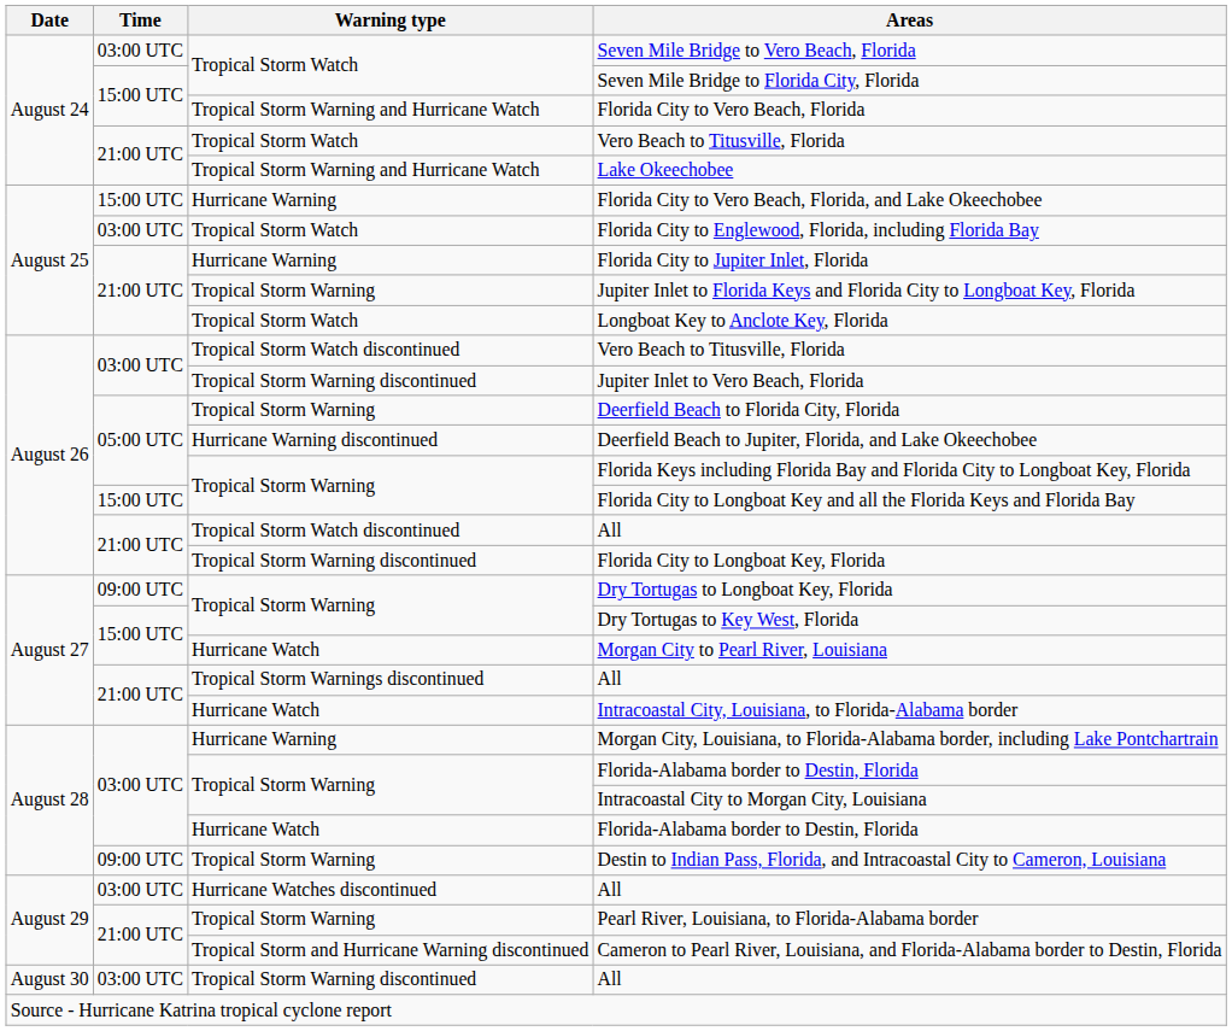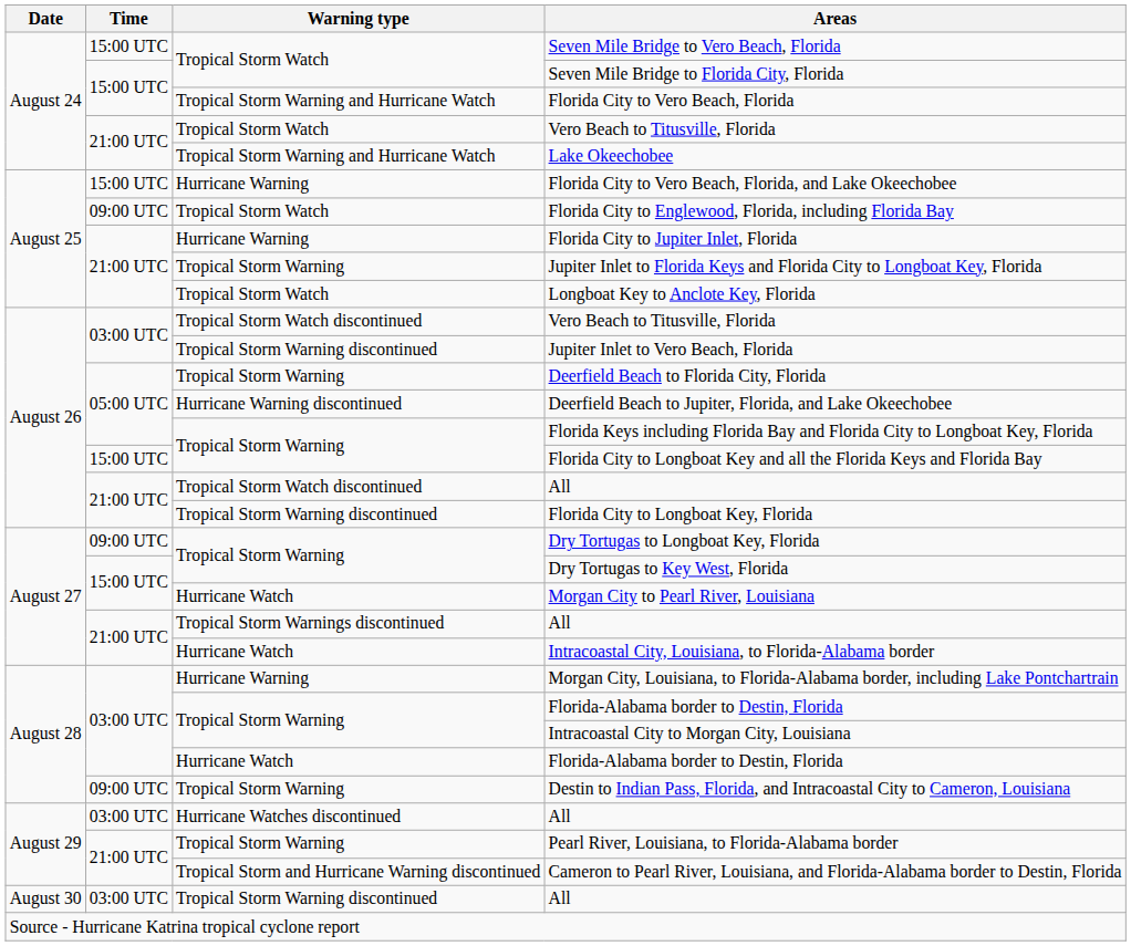 <table class="wikitable collapsible" style="margin: 1em auto 1em auto;">
 <tr>
 <th scope="col">Date</th>
 <th scope="col">Time</th>
 <th scope="col">Warning type</th>
 <th scope="col" style="text-align:center;">Areas</th>
 </tr>
 <tr>
 <td rowspan=5>August 24</td>
-<td>03:00 UTC</td>
+<td>15:00 UTC</td>
 <td rowspan="2" style="background-color:#">Tropical Storm Watch</td>
 <td><a href='#'>Seven Mile Bridge</a> to <a href='#'>Vero Beach</a>, <a href='#'>Florida</a></td>
 </tr>
 <tr>
 <td rowspan=2>15:00 UTC</td>
 <td>Seven Mile Bridge to <a href='#'>Florida City</a>, Florida</td>
 </tr>
 <tr>
 <td style="background-color:#">Tropical Storm Warning and Hurricane Watch</td>
 <td>Florida City to Vero Beach, Florida</td>
 </tr>
 <tr>
 <td rowspan=2>21:00 UTC</td>
 <td style="background-color:#">Tropical Storm Watch</td>
 <td>Vero Beach to <a href='#'>Titusville</a>, Florida</td>
 </tr>
 <tr>
 <td style="background-color:#">Tropical Storm Warning and Hurricane Watch</td>
 <td><a href='#'>Lake Okeechobee</a></td>
 </tr>
 <tr>
 <td rowspan=5>August 25</td>
 <td>15:00 UTC</td>
 <td style="background-color:#">Hurricane Warning</td>
 <td>Florida City to Vero Beach, Florida, and Lake Okeechobee</td>
 </tr>
 <tr>
-<td>03:00 UTC</td>
+<td>09:00 UTC</td>
 <td style="background-color:#">Tropical Storm Watch</td>
 <td>Florida City to <a href='#'>Englewood</a>, Florida, including <a href='#'>Florida Bay</a></td>
 </tr>
 <tr>
 <td rowspan=3>21:00 UTC</td>
 <td style="background-color:#">Hurricane Warning</td>
 <td>Florida City to <a href='#'>Jupiter Inlet</a>, Florida</td>
 </tr>
 <tr>
 <td style="background-color:#">Tropical Storm Warning</td>
 <td>Jupiter Inlet to <a href='#'>Florida Keys</a> and Florida City to <a href='#'>Longboat Key</a>, Florida</td>
 </tr>
 <tr>
 <td style="background-color:#">Tropical Storm Watch</td>
 <td>Longboat Key to <a href='#'>Anclote Key</a>, Florida</td>
 </tr>
 <tr>
 <td rowspan=8>August 26</td>
 <td rowspan=2>03:00 UTC</td>
 <td style="background-color:#">Tropical Storm Watch discontinued</td>
 <td>Vero Beach to Titusville, Florida</td>
 </tr>
 <tr>
 <td style="background-color:#">Tropical Storm Warning discontinued</td>
 <td>Jupiter Inlet to Vero Beach, Florida</td>
 </tr>
 <tr>
 <td rowspan=3>05:00 UTC</td>
 <td style="background-color:#">Tropical Storm Warning</td>
 <td><a href='#'>Deerfield Beach</a> to Florida City, Florida</td>
 </tr>
 <tr>
 <td style="background-color:#">Hurricane Warning discontinued</td>
 <td>Deerfield Beach to Jupiter, Florida, and Lake Okeechobee</td>
 </tr>
 <tr>
 <td rowspan="2" style="background-color:#">Tropical Storm Warning</td>
 <td>Florida Keys including Florida Bay and Florida City to Longboat Key, Florida</td>
 </tr>
 <tr>
 <td>15:00 UTC</td>
 <td>Florida City to Longboat Key and all the Florida Keys and Florida Bay</td>
 </tr>
 <tr>
 <td rowspan=2>21:00 UTC</td>
 <td style="background-color:#">Tropical Storm Watch discontinued</td>
 <td>All</td>
 </tr>
 <tr>
 <td style="background-color:#">Tropical Storm Warning discontinued</td>
 <td>Florida City to Longboat Key, Florida</td>
 </tr>
 <tr>
 <td rowspan=5>August 27</td>
 <td>09:00 UTC</td>
 <td rowspan="2" style="background-color:#">Tropical Storm Warning</td>
 <td><a href='#'>Dry Tortugas</a> to Longboat Key, Florida</td>
 </tr>
 <tr>
 <td rowspan=2>15:00 UTC</td>
 <td>Dry Tortugas to <a href='#'>Key West</a>, Florida</td>
 </tr>
 <tr>
 <td style="background-color:#">Hurricane Watch</td>
 <td><a href='#'>Morgan City</a> to <a href='#'>Pearl River</a>, <a href='#'>Louisiana</a></td>
 </tr>
 <tr>
 <td rowspan=2>21:00 UTC</td>
 <td style="background-color:#">Tropical Storm Warnings discontinued</td>
 <td>All</td>
 </tr>
 <tr>
 <td style="background-color:#">Hurricane Watch</td>
 <td><a href='#'>Intracoastal City, Louisiana</a>, to Florida-<a href='#'>Alabama</a> border</td>
 </tr>
 <tr>
 <td rowspan=5>August 28</td>
 <td rowspan=4>03:00 UTC</td>
 <td style="background-color:#">Hurricane Warning</td>
 <td>Morgan City, Louisiana, to Florida-Alabama border, including <a href='#'>Lake Pontchartrain</a></td>
 </tr>
 <tr>
 <td rowspan="2" style="background-color:#">Tropical Storm Warning</td>
 <td>Florida-Alabama border to <a href='#'>Destin, Florida</a></td>
 </tr>
 <tr>
 <td>Intracoastal City to Morgan City, Louisiana</td>
 </tr>
 <tr>
 <td style="background-color:#">Hurricane Watch</td>
 <td>Florida-Alabama border to Destin, Florida</td>
 </tr>
 <tr>
 <td>09:00 UTC</td>
 <td style="background-color:#">Tropical Storm Warning</td>
 <td>Destin to <a href='#'>Indian Pass, Florida</a>, and Intracoastal City to <a href='#'>Cameron, Louisiana</a></td>
 </tr>
 <tr>
 <td rowspan=3>August 29</td>
 <td>03:00 UTC</td>
 <td style="background-color:#">Hurricane Watches discontinued</td>
 <td>All</td>
 </tr>
 <tr>
 <td rowspan=2>21:00 UTC</td>
 <td style="background-color:#">Tropical Storm Warning</td>
 <td>Pearl River, Louisiana, to Florida-Alabama border</td>
 </tr>
 <tr>
 <td style="background-color:#">Tropical Storm and Hurricane Warning discontinued</td>
 <td>Cameron to Pearl River, Louisiana, and Florida-Alabama border to Destin, Florida</td>
 </tr>
 <tr>
 <td>August 30</td>
 <td>03:00 UTC</td>
 <td style="background-color:#">Tropical Storm Warning discontinued</td>
 <td>All</td>
 </tr>
 <tr>
 <td colspan=5>Source - Hurricane Katrina tropical cyclone report</td>
 </tr>
 </table>
